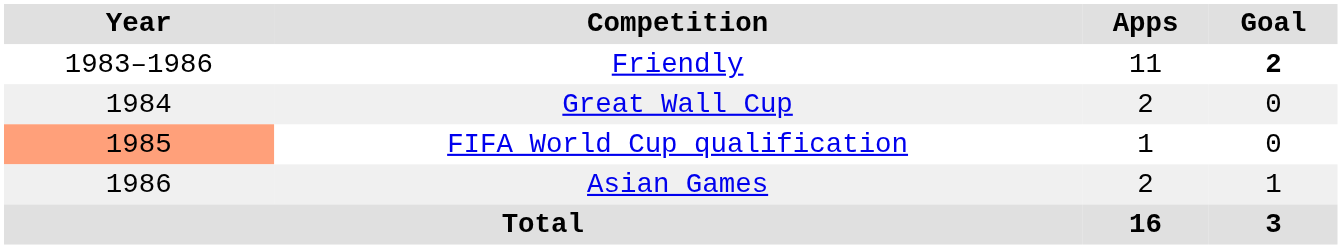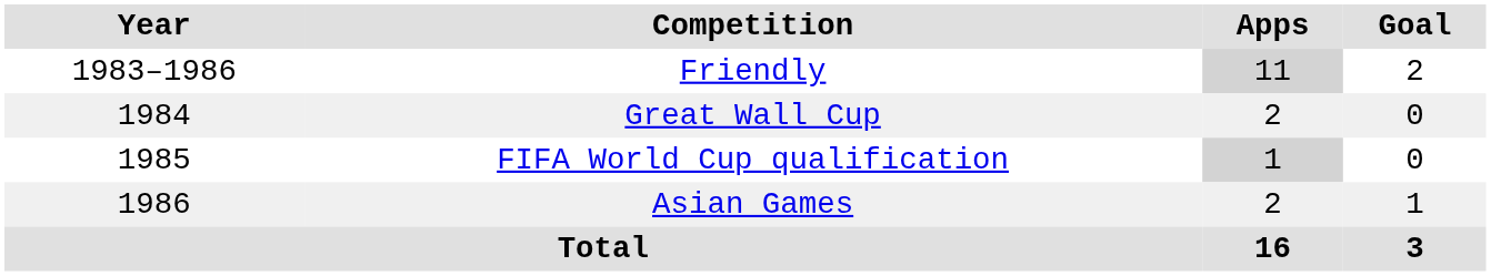 <table border="0" cellpadding="2" cellspacing="0" style="width:50%;">
 <tr style="text-align:center; background:#e0e0e0;">
 <th>Year</th>
 <th>Competition</th>
 <th>Apps</th>
 <th>Goal</th>
 </tr>
 <tr style="text-align:center;">
 <td>1983–1986</td>
 <td><a href='#'>Friendly</a></td>
-<td>11</td>
-<td><strong>2</strong></td>
+<td style="background: lightgrey;">11</td>
+<td>2</td>
 </tr>
 <tr style="text-align:center; background:#f0f0f0;">
 <td>1984</td>
 <td><a href='#'>Great Wall Cup</a></td>
 <td>2</td>
 <td>0</td>
 </tr>
 <tr style="text-align:center;">
-<td style="background: lightsalmon;">1985</td>
+<td>1985</td>
 <td><a href='#'>FIFA World Cup qualification</a></td>
-<td>1</td>
+<td style="background: lightgrey;">1</td>
 <td>0</td>
 </tr>
 <tr style="text-align:center; background:#f0f0f0;">
 <td>1986</td>
 <td><a href='#'>Asian Games</a></td>
 <td>2</td>
 <td>1</td>
 </tr>
 <tr style="text-align:center; background:#e0e0e0;">
 <th colspan="2">Total</th>
 <th style="text-align:center;">16</th>
 <th style="text-align:center;">3</th>
 </tr>
 </table>
